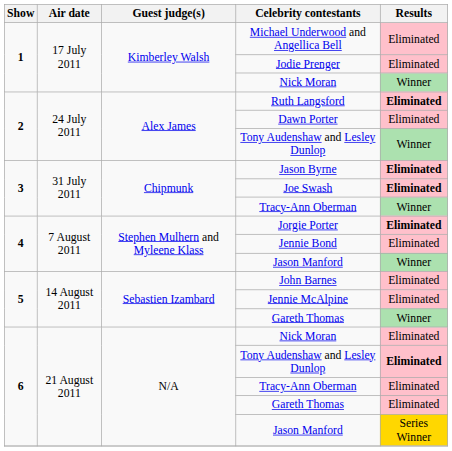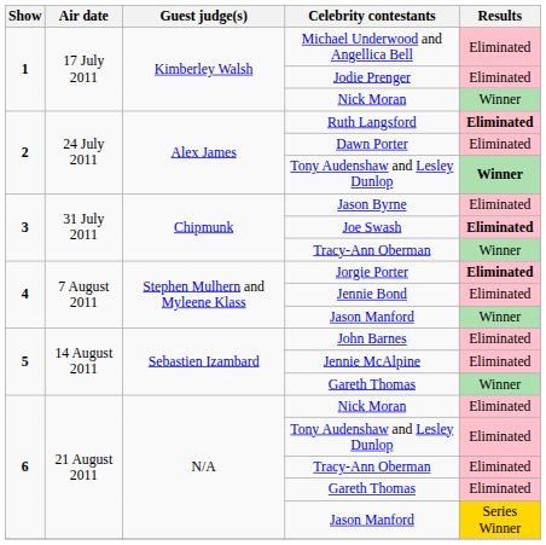 <table class="wikitable" border="1" style="text-align: center;">
 <tr>
 <th>Show</th>
 <th>Air date</th>
 <th>Guest judge(s)</th>
 <th>Celebrity contestants</th>
 <th>Results</th>
 </tr>
 <tr>
 <td rowspan=3><strong>1</strong></td>
 <td rowspan=3>17 July 2011</td>
 <td rowspan=3><a href='#'>Kimberley Walsh</a></td>
 <td><a href='#'>Michael Underwood</a> and <a href='#'>Angellica Bell</a></td>
 <td style="background:pink;">Eliminated</td>
 </tr>
 <tr>
 <td><a href='#'>Jodie Prenger</a></td>
 <td style="background:pink;">Eliminated</td>
 </tr>
 <tr>
 <td><a href='#'>Nick Moran</a></td>
 <td style="background:#ACE1AF;">Winner</td>
 </tr>
 <tr>
 <td rowspan=3><strong>2</strong></td>
 <td rowspan=3>24 July 2011</td>
 <td rowspan=3><a href='#'>Alex James</a></td>
 <td><a href='#'>Ruth Langsford</a></td>
 <td style="background:pink;"><strong>Eliminated</strong></td>
 </tr>
 <tr>
 <td><a href='#'>Dawn Porter</a></td>
 <td style="background:pink;">Eliminated</td>
 </tr>
 <tr>
 <td><a href='#'>Tony Audenshaw</a> and <a href='#'>Lesley Dunlop</a></td>
-<td style="background:#ACE1AF;">Winner</td>
+<td style="background:#ACE1AF;"><strong>Winner</strong></td>
 </tr>
 <tr>
 <td rowspan=3><strong>3</strong></td>
 <td rowspan=3>31 July 2011</td>
 <td rowspan=3><a href='#'>Chipmunk</a></td>
 <td><a href='#'>Jason Byrne</a></td>
-<td style="background:pink;"><strong>Eliminated</strong></td>
+<td style="background:pink;">Eliminated</td>
 </tr>
 <tr>
 <td><a href='#'>Joe Swash</a></td>
 <td style="background:pink;"><strong>Eliminated</strong></td>
 </tr>
 <tr>
 <td><a href='#'>Tracy-Ann Oberman</a></td>
 <td style="background:#ACE1AF;">Winner</td>
 </tr>
 <tr>
 <td rowspan=3><strong>4</strong></td>
 <td rowspan=3>7 August 2011</td>
 <td rowspan=3><a href='#'>Stephen Mulhern</a> and <a href='#'>Myleene Klass</a></td>
 <td><a href='#'>Jorgie Porter</a></td>
 <td style="background:pink;"><strong>Eliminated</strong></td>
 </tr>
 <tr>
 <td><a href='#'>Jennie Bond</a></td>
 <td style="background:pink;">Eliminated</td>
 </tr>
 <tr>
 <td><a href='#'>Jason Manford</a></td>
 <td style="background:#ACE1AF;">Winner</td>
 </tr>
 <tr>
 <td rowspan=3><strong>5</strong></td>
 <td rowspan=3>14 August 2011</td>
 <td rowspan=3><a href='#'>Sebastien Izambard</a></td>
 <td><a href='#'>John Barnes</a></td>
 <td style="background:pink;">Eliminated</td>
 </tr>
 <tr>
 <td><a href='#'>Jennie McAlpine</a></td>
 <td style="background:pink;">Eliminated</td>
 </tr>
 <tr>
 <td><a href='#'>Gareth Thomas</a></td>
 <td style="background:#ACE1AF;">Winner</td>
 </tr>
 <tr>
 <td rowspan=5><strong>6</strong></td>
 <td rowspan=5>21 August 2011</td>
 <td rowspan=5>N/A</td>
 <td><a href='#'>Nick Moran</a></td>
 <td style="background:pink;">Eliminated</td>
 </tr>
 <tr>
 <td><a href='#'>Tony Audenshaw</a> and <a href='#'>Lesley Dunlop</a></td>
-<td style="background:pink;"><strong>Eliminated</strong></td>
+<td style="background:pink;">Eliminated</td>
 </tr>
 <tr>
 <td><a href='#'>Tracy-Ann Oberman</a></td>
 <td style="background:pink;">Eliminated</td>
 </tr>
 <tr>
 <td><a href='#'>Gareth Thomas</a></td>
 <td style="background:pink;">Eliminated</td>
 </tr>
 <tr>
 <td><a href='#'>Jason Manford</a></td>
 <td style="background:gold;">Series Winner</td>
 </tr>
 <tr>
 </tr>
 </table>
